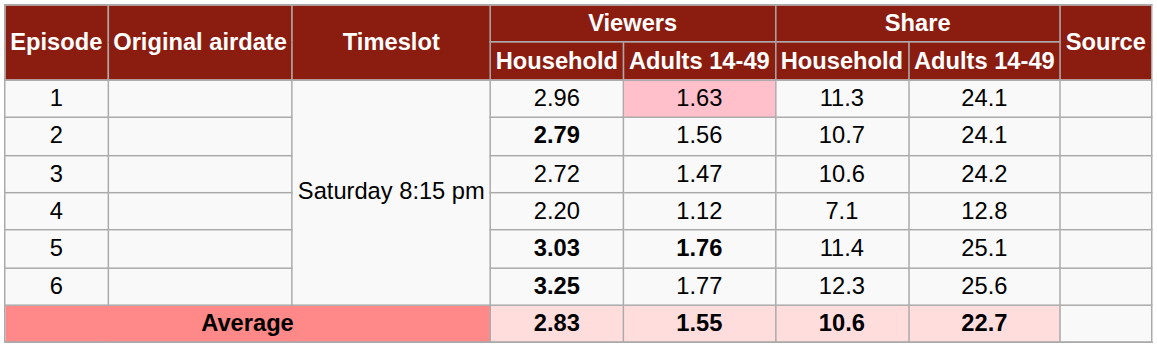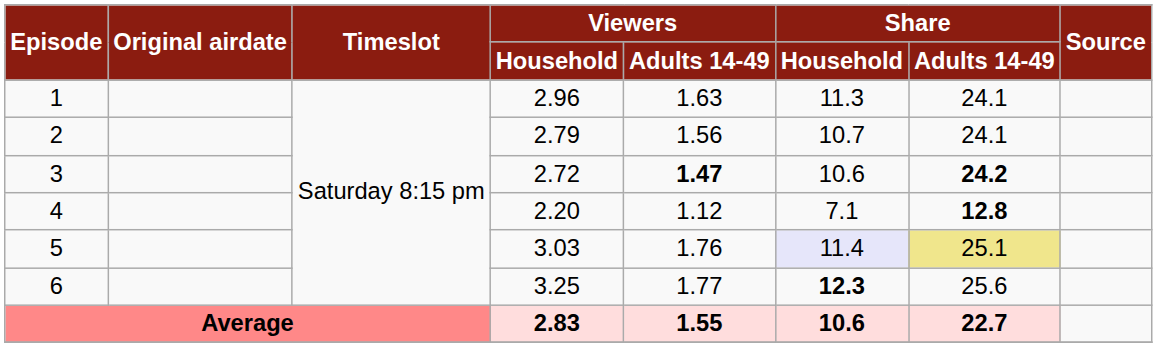 <table class="wikitable" style="text-align:center;">
 <tr>
 <th style="background:#8b1c10; color:#fff;" rowspan="2">Episode</th>
 <th style="background:#8b1c10; color:#fff;" rowspan="2">Original airdate</th>
 <th style="background:#8b1c10; color:#fff;" rowspan="2">Timeslot</th>
 <th style="background:#8b1c10; color:#fff;" colspan="2">Viewers<br><small></small></th>
 <th style="background:#8b1c10; color:#fff;" colspan="2">Share<br><small></small></th>
 <th style="background:#8b1c10; color:#fff;" rowspan="2">Source</th>
 </tr>
 <tr>
 <th style="background:#8b1c10; color:#fff;">Household</th>
 <th style="background:#8b1c10; color:#fff;">Adults 14-49</th>
 <th style="background:#8b1c10; color:#fff;">Household</th>
 <th style="background:#8b1c10; color:#fff;">Adults 14-49</th>
 </tr>
 <tr>
 <td>1</td>
 <td></td>
 <td rowspan="6">Saturday 8:15 pm</td>
 <td>2.96</td>
-<td style="background: pink;">1.63</td>
+<td>1.63</td>
 <td>11.3</td>
 <td>24.1</td>
 <td></td>
 </tr>
 <tr>
 <td>2</td>
 <td></td>
-<td><strong>2.79</strong></td>
+<td>2.79</td>
 <td>1.56</td>
 <td>10.7</td>
 <td>24.1</td>
 <td></td>
 </tr>
 <tr>
 <td>3</td>
 <td></td>
 <td>2.72</td>
-<td>1.47</td>
+<td><strong>1.47</strong></td>
 <td>10.6</td>
-<td>24.2</td>
+<td><strong>24.2</strong></td>
 <td></td>
 </tr>
 <tr>
 <td>4</td>
 <td></td>
 <td>2.20</td>
 <td>1.12</td>
 <td>7.1</td>
-<td>12.8</td>
+<td><strong>12.8</strong></td>
 <td></td>
 </tr>
 <tr>
 <td>5</td>
 <td></td>
-<td><strong>3.03</strong></td>
-<td><strong>1.76</strong></td>
-<td>11.4</td>
-<td>25.1</td>
+<td>3.03</td>
+<td>1.76</td>
+<td style="background: lavender;">11.4</td>
+<td style="background: khaki;">25.1</td>
 <td></td>
 </tr>
 <tr>
 <td>6</td>
 <td></td>
-<td><strong>3.25</strong></td>
+<td>3.25</td>
 <td>1.77</td>
-<td>12.3</td>
+<td><strong>12.3</strong></td>
 <td>25.6</td>
 <td></td>
 </tr>
 <tr>
 <th style="background:#ff8888;" colspan="3">Average</th>
 <td style="background:#ffdddd;"><strong>2.83</strong></td>
 <td style="background:#ffdddd;"><strong>1.55</strong></td>
 <td style="background:#ffdddd;"><strong>10.6</strong></td>
 <td style="background:#ffdddd;"><strong>22.7</strong></td>
 <td></td>
 </tr>
 <tr>
 </tr>
 </table>
